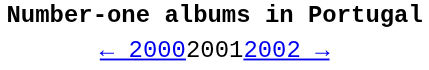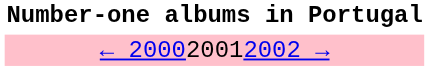 <table class="toc" summary="Contents" id="toc">
 <tr>
 <th>Number-one albums in Portugal</th>
 </tr>
 <tr>
-<td align="center"><a href='#'>← 2000</a>2001<a href='#'>2002 →</a></td>
+<td align="center" style="background: pink;"><a href='#'>← 2000</a>2001<a href='#'>2002 →</a></td>
 </tr>
 </table>
